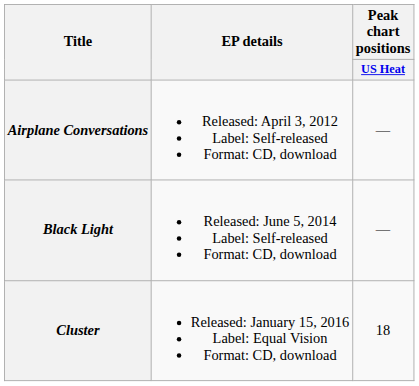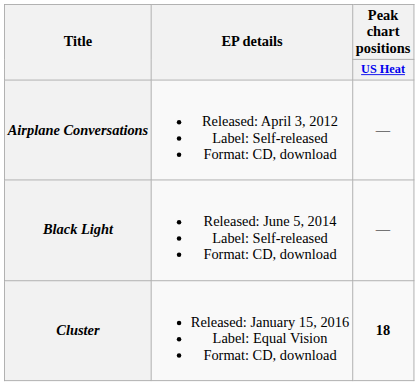 <table class="wikitable plainrowheaders" style="text-align:center;">
 <tr>
 <th rowspan="2">Title</th>
 <th rowspan="2">EP details</th>
 <th colspan="1">Peak chart positions</th>
 </tr>
 <tr>
 <th style="width:3em;font-size:85%"><a href='#'>US Heat</a><br></th>
 </tr>
 <tr>
 <th scope="row"><em>Airplane Conversations</em></th>
 <td><br><ul><li>Released: April 3, 2012</li><li>Label: Self-released</li><li>Format: CD, download</li></ul></td>
 <td>—</td>
 </tr>
 <tr>
 <th scope="row"><em>Black Light</em></th>
 <td><br><ul><li>Released: June 5, 2014</li><li>Label: Self-released</li><li>Format: CD, download</li></ul></td>
 <td>—</td>
 </tr>
 <tr>
 <th scope="row"><em>Cluster</em></th>
 <td><br><ul><li>Released: January 15, 2016</li><li>Label: Equal Vision</li><li>Format: CD, download</li></ul></td>
-<td>18</td>
+<td><strong>18</strong></td>
 </tr>
 </table>
